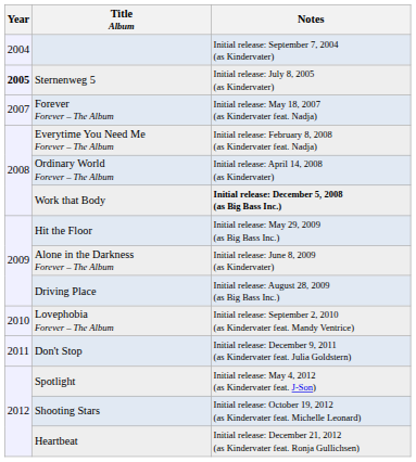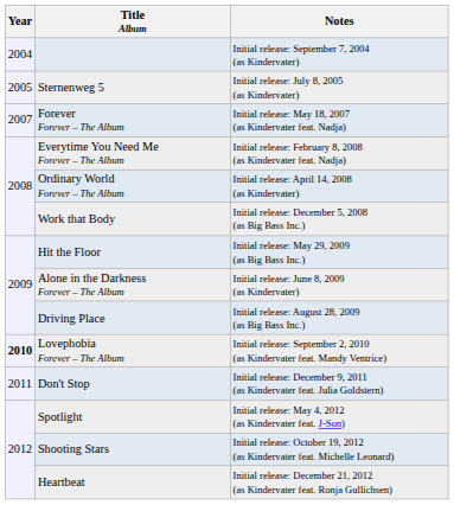 <table class="wikitable">
 <tr class="hintergrundfarbe8">
 <th>Year</th>
 <th width="250">Title <br><small><em>Album</em></small></th>
 <th width="280">Notes</th>
 </tr>
 <tr bgcolor="#E1E9F3">
 <td bgcolor="#f0f0ff">2004</td>
 <td></td>
 <td><small>Initial release: September 7, 2004<br>(as Kindervater)</small></td>
 </tr>
 <tr bgcolor="#eeeeee">
-<td bgcolor="#f0f0ff"><strong>2005</strong></td>
+<td bgcolor="#f0f0ff">2005</td>
 <td>Sternenweg 5</td>
 <td><small>Initial release: July 8, 2005<br>(as Kindervater)</small></td>
 </tr>
 <tr bgcolor="#E1E9F3">
 <td bgcolor="#f0f0ff">2007</td>
 <td>Forever <br><small><em>Forever – The Album</em></small></td>
 <td><small>Initial release: May 18, 2007<br>(as Kindervater feat. Nadja)</small></td>
 </tr>
 <tr bgcolor="#eeeeee">
 <td rowspan="3" bgcolor="#f0f0ff">2008</td>
 <td>Everytime You Need Me <br><small><em>Forever – The Album</em></small></td>
 <td><small>Initial release: February 8, 2008<br>(as Kindervater feat. Nadja)</small></td>
 </tr>
 <tr bgcolor="#E1E9F3">
 <td>Ordinary World <br><small><em>Forever – The Album</em></small></td>
 <td><small>Initial release: April 14, 2008<br>(as Kindervater)</small></td>
 </tr>
 <tr bgcolor="#eeeeee">
 <td>Work that Body</td>
-<td><strong><small>Initial release: December 5, 2008<br>(as Big Bass Inc.)</small></strong></td>
+<td><small>Initial release: December 5, 2008<br>(as Big Bass Inc.)</small></td>
 </tr>
 <tr bgcolor="#E1E9F3">
 <td rowspan="3" bgcolor="#f0f0ff">2009</td>
 <td>Hit the Floor</td>
 <td><small>Initial release: May 29, 2009<br>(as Big Bass Inc.)</small></td>
 </tr>
 <tr bgcolor="#eeeeee">
 <td>Alone in the Darkness <br><small><em>Forever – The Album</em></small></td>
 <td><small>Initial release: June 8, 2009<br>(as Kindervater)</small></td>
 </tr>
 <tr bgcolor="#E1E9F3">
 <td>Driving Place</td>
 <td><small>Initial release: August 28, 2009<br>(as Big Bass Inc.)</small></td>
 </tr>
 <tr bgcolor="#eeeeee">
-<td bgcolor="#f0f0ff">2010</td>
+<td bgcolor="#f0f0ff"><strong>2010</strong></td>
 <td>Lovephobia <br><small><em>Forever – The Album</em></small></td>
 <td><small>Initial release: September 2, 2010<br>(as Kindervater feat. Mandy Ventrice)</small></td>
 </tr>
 <tr bgcolor="#E1E9F3">
 <td bgcolor="#f0f0ff">2011</td>
 <td>Don't Stop</td>
 <td><small>Initial release: December 9, 2011<br>(as Kindervater feat. Julia Goldstern)</small></td>
 </tr>
 <tr bgcolor="#eeeeee">
 <td rowspan="3" bgcolor="#f0f0ff">2012</td>
 <td>Spotlight</td>
 <td><small>Initial release: May 4, 2012<br>(as Kindervater feat. <a href='#'>J-Son</a>)</small></td>
 </tr>
 <tr bgcolor="#E1E9F3">
 <td>Shooting Stars</td>
 <td><small>Initial release: October 19, 2012<br>(as Kindervater feat. Michelle Leonard)</small></td>
 </tr>
 <tr bgcolor="#eeeeee">
 <td>Heartbeat</td>
 <td><small>Initial release: December 21, 2012<br>(as Kindervater feat. Ronja Gullichsen)</small></td>
 </tr>
 </table>
